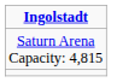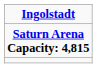 <table class="wikitable" style="text-align:center;">
 <tr>
 <td><strong><a href='#'>Ingolstadt</a></strong></td>
 </tr>
 <tr>
-<td><a href='#'>Saturn Arena</a><br>Capacity: 4,815</td>
+<td><strong><a href='#'>Saturn Arena</a><br>Capacity: 4,815</strong></td>
 </tr>
 <tr>
 <td></td>
 </tr>
 </table>
